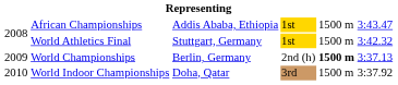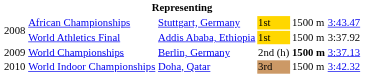 <table>
 <tr>
 <th colspan="6">Representing </th>
 </tr>
 <tr>
 <td rowspan="2">2008</td>
 <td><a href='#'>African Championships</a></td>
-<td><a href='#'>Addis Ababa, Ethiopia</a></td>
+<td><a href='#'>Stuttgart, Germany</a></td>
 <td bgcolor="gold">1st</td>
 <td>1500 m</td>
 <td><a href='#'>3:43.47</a></td>
 </tr>
 <tr>
 <td><a href='#'>World Athletics Final</a></td>
-<td><a href='#'>Stuttgart, Germany</a></td>
+<td><a href='#'>Addis Ababa, Ethiopia</a></td>
 <td bgcolor="gold">1st</td>
 <td>1500 m</td>
-<td><a href='#'>3:42.32</a></td>
+<td>3:37.92</td>
 </tr>
 <tr>
 <td>2009</td>
 <td><a href='#'>World Championships</a></td>
 <td><a href='#'>Berlin, Germany</a></td>
 <td>2nd (h)</td>
 <td><strong>1500 m</strong></td>
 <td><a href='#'>3:37.13</a></td>
 </tr>
 <tr>
 <td>2010</td>
 <td><a href='#'>World Indoor Championships</a></td>
 <td><a href='#'>Doha, Qatar</a></td>
 <td bgcolor="cc9966">3rd</td>
 <td>1500 m</td>
-<td>3:37.92</td>
+<td><a href='#'>3:42.32</a></td>
 </tr>
 </table>
